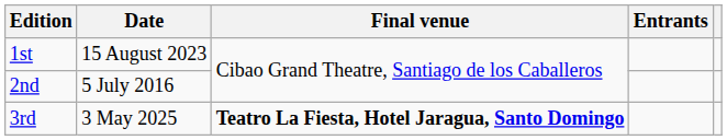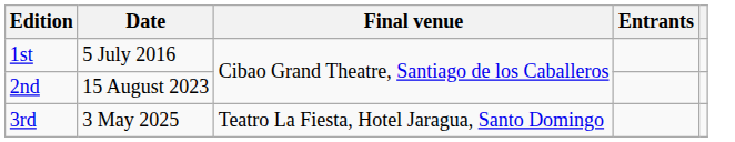 <table class="wikitable defaultcenter col3left col4left" style="font-size: 90%">
 <tr>
 <th>Edition</th>
 <th>Date</th>
 <th>Final venue</th>
 <th>Entrants</th>
 <th></th>
 </tr>
 <tr>
 <td><a href='#'>1st</a></td>
-<td>15 August 2023</td>
+<td>5 July 2016</td>
 <td rowspan=2>Cibao Grand Theatre, <a href='#'>Santiago de los Caballeros</a></td>
 <td></td>
 <td></td>
 </tr>
 <tr>
 <td><a href='#'>2nd</a></td>
-<td>5 July 2016</td>
+<td>15 August 2023</td>
 <td></td>
 <td></td>
 </tr>
 <tr>
 <td><a href='#'>3rd</a></td>
 <td>3 May 2025</td>
-<td><strong>Teatro La Fiesta, Hotel Jaragua, <a href='#'>Santo Domingo</a></strong></td>
+<td>Teatro La Fiesta, Hotel Jaragua, <a href='#'>Santo Domingo</a></td>
 <td></td>
 <td></td>
 </tr>
 </table>
